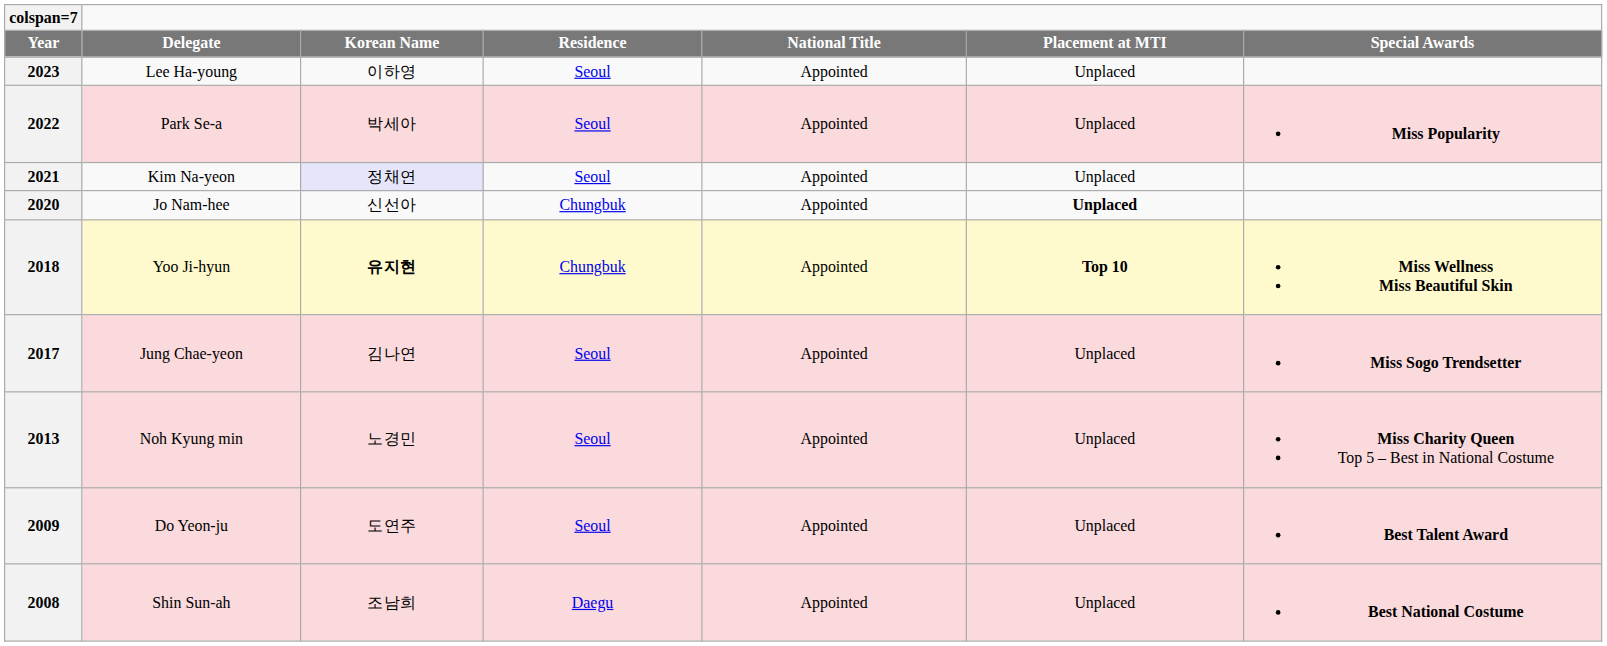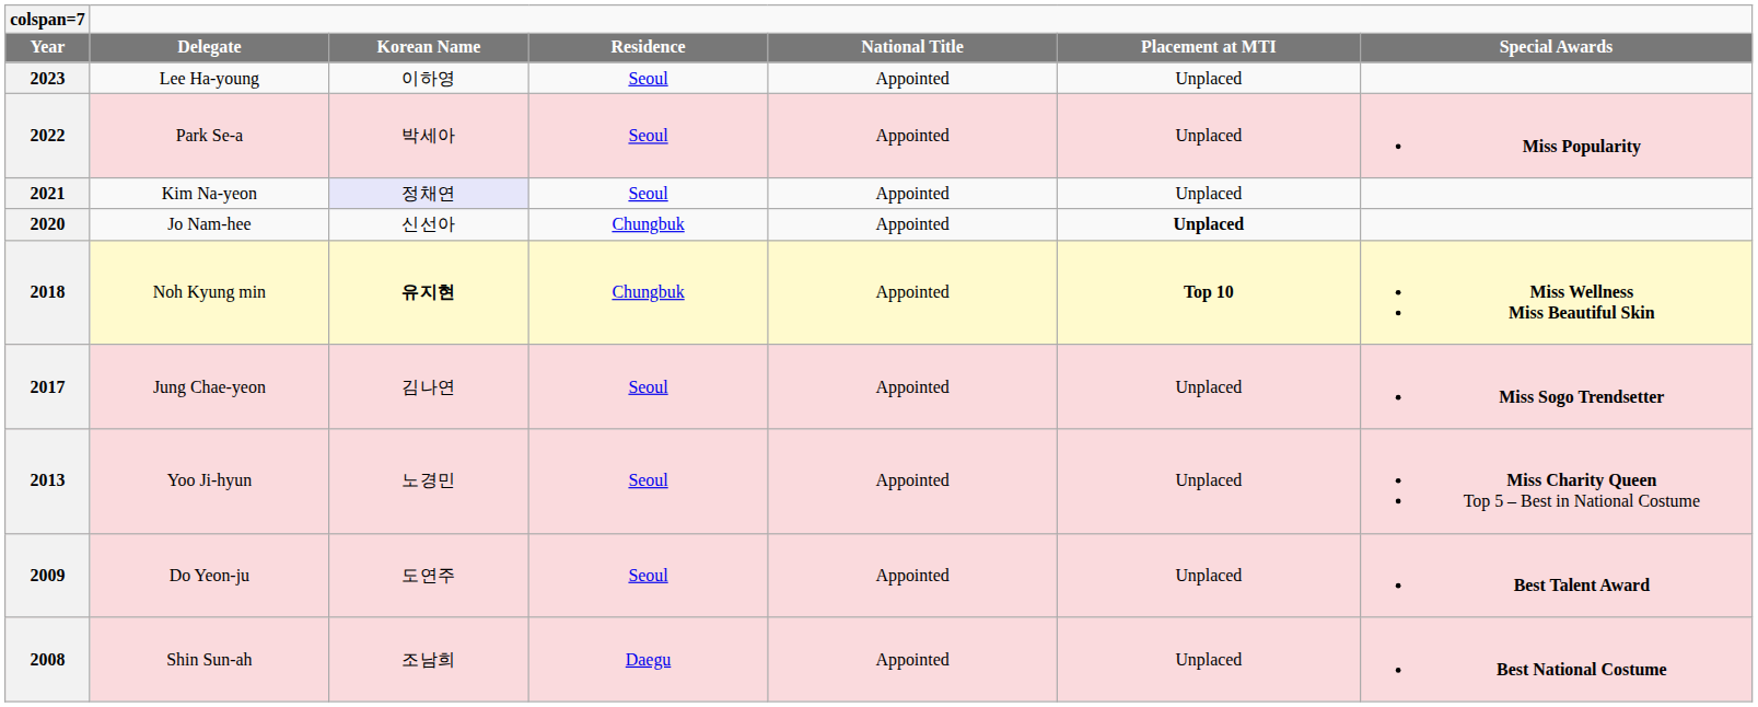 <table class="wikitable sortable" style="font-size: 85%; text-align:center">
 <tr>
 <th>colspan=7 </th>
 </tr>
 <tr>
 <th width="60" style="background-color:#787878;color:#FFFFFF;">Year</th>
 <th width="180" style="background-color:#787878;color:#FFFFFF;">Delegate</th>
 <th width="150" style="background-color:#787878;color:#FFFFFF;">Korean Name</th>
 <th width="180" style="background-color:#787878;color:#FFFFFF;">Residence</th>
 <th width="220" style="background-color:#787878;color:#FFFFFF;">National Title</th>
 <th width="230" style="background-color:#787878;color:#FFFFFF;">Placement at MTI</th>
 <th width="300" style="background-color:#787878;color:#FFFFFF;">Special Awards</th>
 </tr>
 <tr>
 <th>2023</th>
 <td>Lee Ha-young</td>
 <td>이하영</td>
 <td><a href='#'>Seoul</a></td>
 <td>Appointed</td>
 <td>Unplaced</td>
 <td></td>
 </tr>
 <tr style="background-color:#FADADD;: bold">
 <th>2022</th>
 <td>Park Se-a</td>
 <td>박세아</td>
 <td><a href='#'>Seoul</a></td>
 <td>Appointed</td>
 <td>Unplaced</td>
 <td><br><ul><li><strong>Miss Popularity</strong></li></ul></td>
 </tr>
 <tr>
 <th>2021</th>
 <td>Kim Na-yeon</td>
 <td style="background: lavender;">정채연</td>
 <td><a href='#'>Seoul</a></td>
 <td>Appointed</td>
 <td>Unplaced</td>
 <td></td>
 </tr>
 <tr>
 <th>2020</th>
 <td>Jo Nam-hee</td>
 <td>신선아</td>
 <td><a href='#'>Chungbuk</a></td>
 <td>Appointed</td>
 <td><strong>Unplaced</strong></td>
 <td></td>
 </tr>
 <tr style="background-color:#FFFACD;">
 <th>2018</th>
-<td>Yoo Ji-hyun</td>
+<td>Noh Kyung min</td>
 <td><strong>유지현</strong></td>
 <td><a href='#'>Chungbuk</a></td>
 <td>Appointed</td>
 <td><strong>Top 10</strong></td>
 <td><br><ul><li><strong>Miss Wellness</strong></li><li><strong>Miss Beautiful Skin</strong></li></ul></td>
 </tr>
 <tr style="background-color:#FADADD;: bold">
 <th>2017</th>
 <td>Jung Chae-yeon</td>
 <td>김나연</td>
 <td><a href='#'>Seoul</a></td>
 <td>Appointed</td>
 <td>Unplaced</td>
 <td><br><ul><li><strong>Miss Sogo Trendsetter</strong></li></ul></td>
 </tr>
 <tr style="background-color:#FADADD;: bold">
 <th>2013</th>
-<td>Noh Kyung min</td>
+<td>Yoo Ji-hyun</td>
 <td>노경민</td>
 <td><a href='#'>Seoul</a></td>
 <td>Appointed</td>
 <td>Unplaced</td>
 <td><br><ul><li><strong>Miss Charity Queen</strong></li><li>Top 5 – Best in National Costume</li></ul></td>
 </tr>
 <tr style="background-color:#FADADD;: bold">
 <th>2009</th>
 <td>Do Yeon-ju</td>
 <td>도연주</td>
 <td><a href='#'>Seoul</a></td>
 <td>Appointed</td>
 <td>Unplaced</td>
 <td><br><ul><li><strong>Best Talent Award</strong></li></ul></td>
 </tr>
 <tr style="background-color:#FADADD;: bold">
 <th>2008</th>
 <td>Shin Sun-ah</td>
 <td>조남희</td>
 <td><a href='#'>Daegu</a></td>
 <td>Appointed</td>
 <td>Unplaced</td>
 <td><br><ul><li><strong>Best National Costume</strong></li></ul></td>
 </tr>
 </table>
